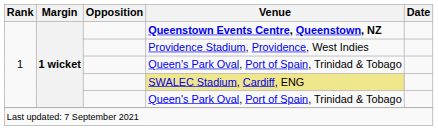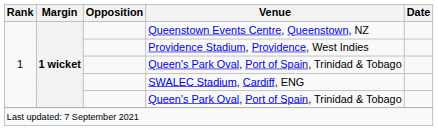 <table class="wikitable plainrowheaders sortable">
 <tr>
 <th scope=col>Rank</th>
 <th scope=col>Margin</th>
 <th scope=col>Opposition</th>
 <th scope=col>Venue</th>
 <th scope=col>Date</th>
 </tr>
 <tr>
 <td align=center rowspan=5>1</td>
 <th scope=row style=text-align:center rowspan=5>1 wicket</th>
 <td></td>
-<td><strong><a href='#'>Queenstown Events Centre</a>, <a href='#'>Queenstown</a>, NZ</strong></td>
+<td><a href='#'>Queenstown Events Centre</a>, <a href='#'>Queenstown</a>, NZ</td>
 <td></td>
 </tr>
 <tr>
 <td></td>
 <td><a href='#'>Providence Stadium</a>, <a href='#'>Providence</a>, West Indies</td>
 <td> </td>
 </tr>
 <tr>
 <td></td>
 <td><a href='#'>Queen's Park Oval</a>, <a href='#'>Port of Spain</a>, Trinidad & Tobago</td>
 <td></td>
 </tr>
 <tr>
 <td></td>
-<td style="background: khaki;"><a href='#'>SWALEC Stadium</a>, <a href='#'>Cardiff</a>, ENG</td>
+<td><a href='#'>SWALEC Stadium</a>, <a href='#'>Cardiff</a>, ENG</td>
 <td></td>
 </tr>
 <tr>
 <td></td>
 <td><a href='#'>Queen's Park Oval</a>, <a href='#'>Port of Spain</a>, Trinidad & Tobago</td>
 <td></td>
 </tr>
 <tr>
 </tr>
 <tr class=sortbottom>
 <td colspan=5><small>Last updated: 7 September 2021</small></td>
 </tr>
 </table>
